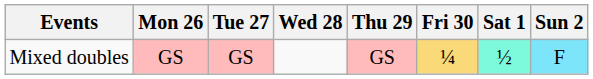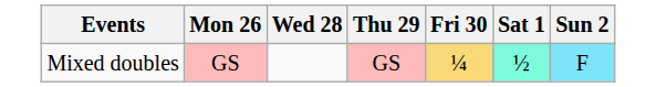 <table class="wikitable" style="margin:0.5em auto; font-size:90%; line-height:1.25em; text-align:center">
 <tr>
 <th>Events</th>
 <th>Mon 26</th>
-<th>Tue 27</th>
 <th>Wed 28</th>
 <th>Thu 29</th>
 <th>Fri 30</th>
 <th>Sat 1</th>
 <th>Sun 2</th>
 </tr>
 <tr>
 <td style="text-align:left;">Mixed doubles</td>
 <td style="background-color:#FFBBBB">GS</td>
-<td style="background-color:#FFBBBB">GS</td>
 <td></td>
 <td style="background-color:#FFBBBB">GS</td>
 <td style="background-color:#FAD978">¼</td>
 <td style="background-color:#7DFADB">½</td>
 <td style="background-color:#7DE5FA">F</td>
 </tr>
 </table>
